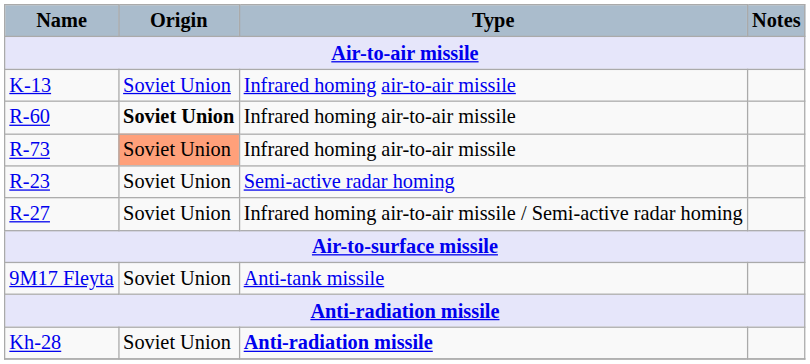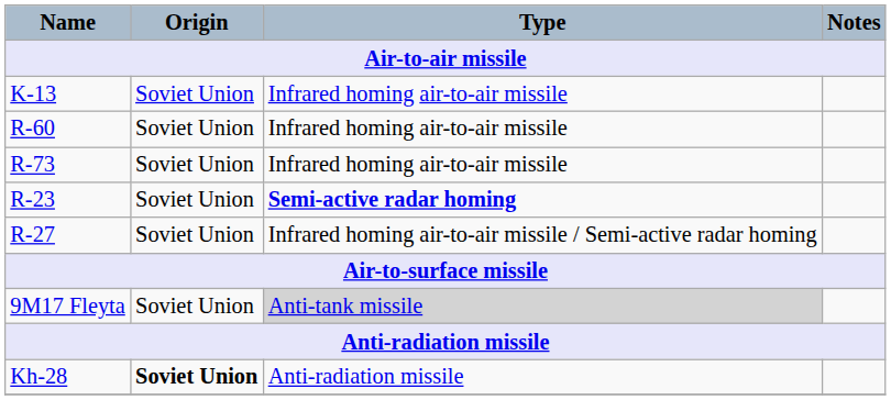 <table class="wikitable">
 <tr>
 <th style="text-align:center; background:#aabccc;">Name</th>
 <th style="text-align: center; background:#aabccc;">Origin</th>
 <th style="text-align:l center; background:#aabccc;">Type</th>
 <th style="text-align: center; background:#aabccc;">Notes</th>
 </tr>
 <tr>
 <th style="align: center; background: lavender;" colspan="7"><a href='#'>Air-to-air missile</a></th>
 </tr>
 <tr>
 <td><a href='#'>K-13</a></td>
 <td><a href='#'>Soviet Union</a></td>
 <td><a href='#'>Infrared homing</a> <a href='#'>air-to-air missile</a></td>
 <td></td>
 </tr>
 <tr>
 <td><a href='#'>R-60</a></td>
-<td><strong>Soviet Union</strong></td>
+<td>Soviet Union</td>
 <td>Infrared homing air-to-air missile</td>
 <td></td>
 </tr>
 <tr>
 <td><a href='#'>R-73</a></td>
-<td style="background: lightsalmon;">Soviet Union</td>
+<td>Soviet Union</td>
 <td>Infrared homing air-to-air missile</td>
 <td></td>
 </tr>
 <tr>
 <td><a href='#'>R-23</a></td>
 <td>Soviet Union</td>
-<td><a href='#'>Semi-active radar homing</a></td>
+<td><strong><a href='#'>Semi-active radar homing</a></strong></td>
 <td></td>
 </tr>
 <tr>
 <td><a href='#'>R-27</a></td>
 <td>Soviet Union</td>
 <td>Infrared homing air-to-air missile / Semi-active radar homing</td>
 <td></td>
 </tr>
 <tr>
 <th style="align: center; background: lavender;" colspan="7"><a href='#'>Air-to-surface missile</a></th>
 </tr>
 <tr>
 <td><a href='#'>9M17 Fleyta</a></td>
 <td>Soviet Union</td>
-<td><a href='#'>Anti-tank missile</a></td>
+<td style="background: lightgrey;"><a href='#'>Anti-tank missile</a></td>
 <td></td>
 </tr>
 <tr>
 <th style="align: center; background: lavender;" colspan="7"><a href='#'>Anti-radiation missile</a></th>
 </tr>
 <tr>
 <td><a href='#'>Kh-28</a></td>
-<td>Soviet Union</td>
-<td><strong><a href='#'>Anti-radiation missile</a></strong></td>
+<td><strong>Soviet Union</strong></td>
+<td><a href='#'>Anti-radiation missile</a></td>
 <td></td>
 </tr>
 <tr>
 </tr>
 </table>
